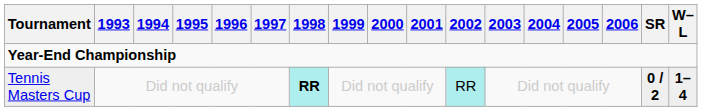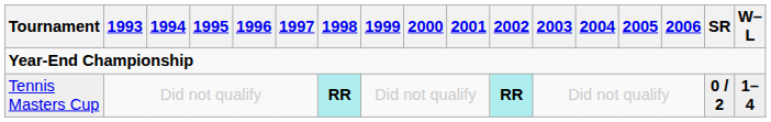 <table class="wikitable">
 <tr>
 <th>Tournament</th>
 <th><a href='#'>1993</a></th>
 <th><a href='#'>1994</a></th>
 <th><a href='#'>1995</a></th>
 <th><a href='#'>1996</a></th>
 <th><a href='#'>1997</a></th>
 <th><a href='#'>1998</a></th>
 <th><a href='#'>1999</a></th>
 <th><a href='#'>2000</a></th>
 <th><a href='#'>2001</a></th>
 <th><a href='#'>2002</a></th>
 <th><a href='#'>2003</a></th>
 <th><a href='#'>2004</a></th>
 <th><a href='#'>2005</a></th>
 <th><a href='#'>2006</a></th>
 <th>SR</th>
 <th>W–L</th>
 </tr>
 <tr>
 <td colspan="17"><strong>Year-End Championship</strong></td>
 </tr>
 <tr>
 <td style="background:#EFEFEF;"><a href='#'>Tennis Masters Cup</a></td>
 <td colspan="5" align="center" style="color:#cccccc;">Did not qualify</td>
 <td align="center" style="background:#afeeee;"><strong>RR</strong></td>
 <td colspan="3" align="center" style="color:#cccccc;">Did not qualify</td>
-<td align="center" style="background:#afeeee;">RR</td>
+<td align="center" style="background:#afeeee;"><strong>RR</strong></td>
 <td colspan="4" align="center" style="color:#cccccc;">Did not qualify</td>
 <td align="center" style="background:#EFEFEF;"><strong>0 / 2</strong></td>
 <td align="center" style="background:#EFEFEF;"><strong>1–4</strong></td>
 </tr>
 </table>
